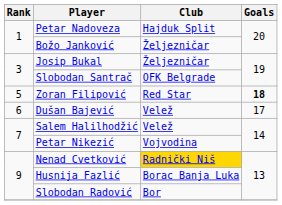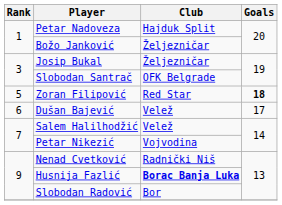 <table class="wikitable" style="text-align:center">
 <tr>
 <th>Rank</th>
 <th>Player</th>
 <th>Club</th>
 <th>Goals</th>
 </tr>
 <tr>
 <td rowspan="2">1</td>
 <td align="left"> <a href='#'>Petar Nadoveza</a></td>
 <td align="left"><a href='#'>Hajduk Split</a></td>
 <td rowspan="2">20</td>
 </tr>
 <tr>
 <td align="left"> <a href='#'>Božo Janković</a></td>
 <td align="left"><a href='#'>Željezničar</a></td>
 </tr>
 <tr>
 <td rowspan="2">3</td>
 <td align="left"> <a href='#'>Josip Bukal</a></td>
 <td align="left"><a href='#'>Željezničar</a></td>
 <td rowspan="2">19</td>
 </tr>
 <tr>
 <td align="left"> <a href='#'>Slobodan Santrač</a></td>
 <td align="left"><a href='#'>OFK Belgrade</a></td>
 </tr>
 <tr>
 <td rowspan="1">5</td>
 <td align="left"> <a href='#'>Zoran Filipović</a></td>
 <td align="left"><a href='#'>Red Star</a></td>
 <td><strong>18</strong></td>
 </tr>
 <tr>
 <td rowspan="1">6</td>
 <td align="left"> <a href='#'>Dušan Bajević</a></td>
 <td align="left"><a href='#'>Velež</a></td>
 <td>17</td>
 </tr>
 <tr>
 <td rowspan="2">7</td>
 <td align="left"> <a href='#'>Salem Halilhodžić</a></td>
 <td align="left"><a href='#'>Velež</a></td>
 <td rowspan="2">14</td>
 </tr>
 <tr>
 <td align="left"> <a href='#'>Petar Nikezić</a></td>
 <td align="left"><a href='#'>Vojvodina</a></td>
 </tr>
 <tr>
 <td rowspan="3">9</td>
 <td align="left"> <a href='#'>Nenad Cvetković</a></td>
-<td align="left" style="background: gold;"><a href='#'>Radnički Niš</a></td>
+<td align="left"><a href='#'>Radnički Niš</a></td>
 <td rowspan="3">13</td>
 </tr>
 <tr>
 <td align="left"> <a href='#'>Husnija Fazlić</a></td>
-<td align="left"><a href='#'>Borac Banja Luka</a></td>
+<td align="left"><strong><a href='#'>Borac Banja Luka</a></strong></td>
 </tr>
 <tr>
 <td align="left"> <a href='#'>Slobodan Radović</a></td>
 <td align="left"><a href='#'>Bor</a></td>
 </tr>
 <tr>
 </tr>
 </table>
